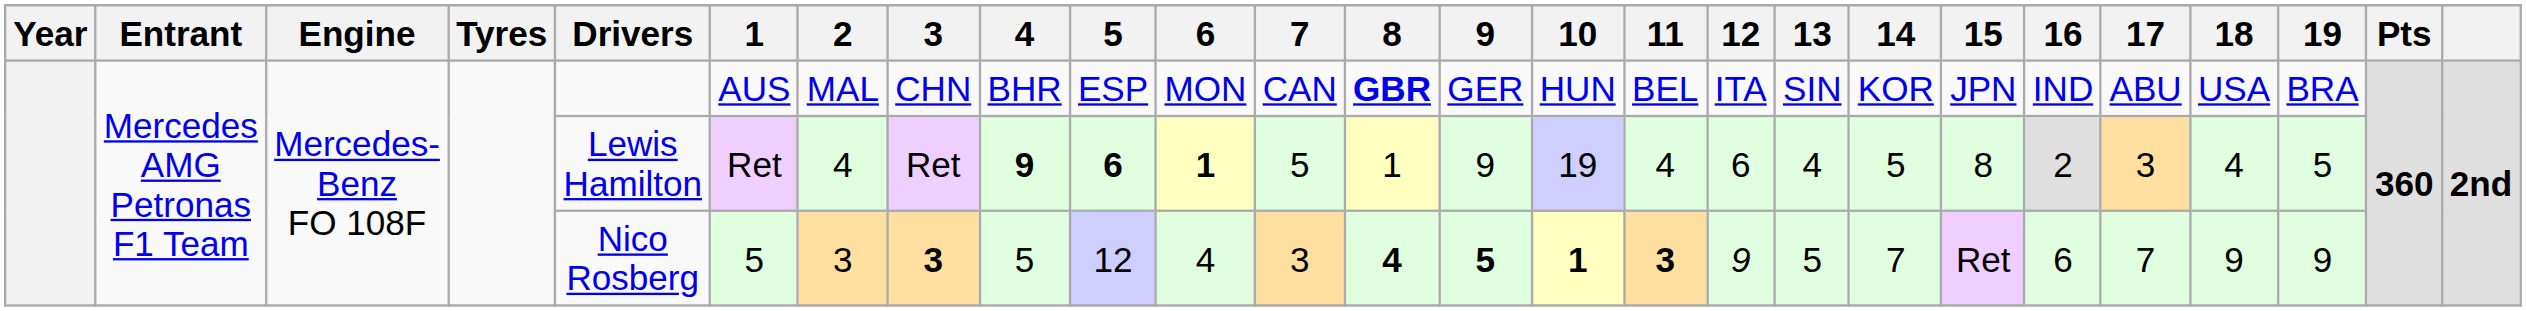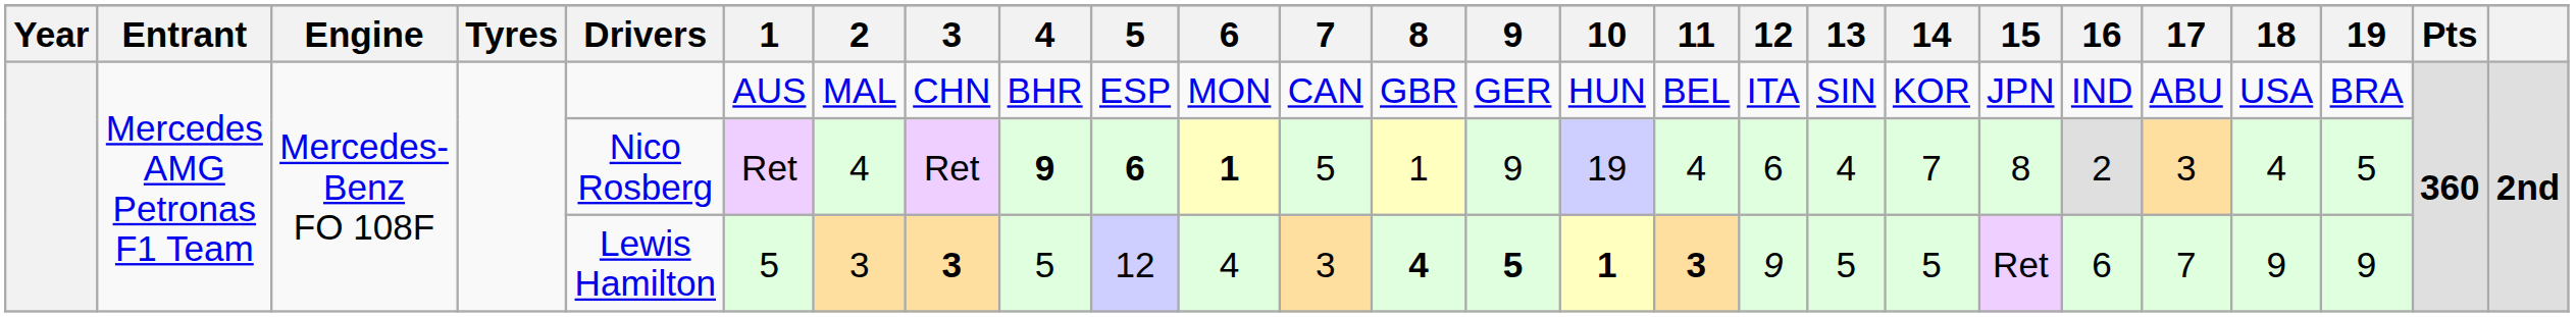 <table class="wikitable" style="text-align:center; font-size:95%">
 <tr>
 </tr>
 <tr>
 <th>Year</th>
 <th>Entrant</th>
 <th>Engine</th>
 <th>Tyres</th>
 <th>Drivers</th>
 <th>1</th>
 <th>2</th>
 <th>3</th>
 <th>4</th>
 <th>5</th>
 <th>6</th>
 <th>7</th>
 <th>8</th>
 <th>9</th>
 <th>10</th>
 <th>11</th>
 <th>12</th>
 <th>13</th>
 <th>14</th>
 <th>15</th>
 <th>16</th>
 <th>17</th>
 <th>18</th>
 <th>19</th>
 <th>Pts</th>
 <th></th>
 </tr>
 <tr>
 <th rowspan=3></th>
 <td rowspan=3><a href='#'>Mercedes AMG Petronas F1 Team</a></td>
 <td rowspan=3><a href='#'>Mercedes-Benz</a><br>FO 108F</td>
 <td rowspan=3></td>
 <td></td>
 <td><a href='#'>AUS</a></td>
 <td><a href='#'>MAL</a></td>
 <td><a href='#'>CHN</a></td>
 <td><a href='#'>BHR</a></td>
 <td><a href='#'>ESP</a></td>
 <td><a href='#'>MON</a></td>
 <td><a href='#'>CAN</a></td>
-<td><strong><a href='#'>GBR</a></strong></td>
+<td><a href='#'>GBR</a></td>
 <td><a href='#'>GER</a></td>
 <td><a href='#'>HUN</a></td>
 <td><a href='#'>BEL</a></td>
 <td><a href='#'>ITA</a></td>
 <td><a href='#'>SIN</a></td>
 <td><a href='#'>KOR</a></td>
 <td><a href='#'>JPN</a></td>
 <td><a href='#'>IND</a></td>
 <td><a href='#'>ABU</a></td>
 <td><a href='#'>USA</a></td>
 <td><a href='#'>BRA</a></td>
 <td rowspan="3" style="background-color:#dfdfdf"><strong>360</strong></td>
 <td rowspan="3" style="background-color:#dfdfdf"><strong>2nd</strong></td>
 </tr>
 <tr>
-<td align="center"> <a href='#'>Lewis Hamilton</a></td>
+<td align="center"> <a href='#'>Nico Rosberg</a></td>
 <td style="background-color:#efcfff">Ret</td>
 <td style="background-color:#dfffdf">4</td>
 <td style="background-color:#efcfff">Ret</td>
 <td style="background-color:#dfffdf"><strong>9</strong></td>
 <td style="background-color:#dfffdf"><strong>6</strong></td>
 <td style="background-color:#ffffbf"><strong>1</strong></td>
 <td style="background-color:#dfffdf">5</td>
 <td style="background-color:#ffffbf">1</td>
 <td style="background-color:#dfffdf">9</td>
 <td style="background-color:#cfcfff">19</td>
 <td style="background-color:#dfffdf">4</td>
 <td style="background-color:#dfffdf">6</td>
 <td style="background-color:#dfffdf">4</td>
-<td style="background-color:#dfffdf">5</td>
+<td style="background-color:#dfffdf">7</td>
 <td style="background-color:#dfffdf">8</td>
 <td style="background-color:#dfdfdf">2</td>
 <td style="background-color:#ffdf9f">3</td>
 <td style="background-color:#dfffdf">4</td>
 <td style="background-color:#dfffdf">5</td>
 </tr>
 <tr>
-<td align="center"> <a href='#'>Nico Rosberg</a></td>
+<td align="center"> <a href='#'>Lewis Hamilton</a></td>
 <td style="background-color:#dfffdf">5</td>
 <td style="background-color:#ffdf9f">3</td>
 <td style="background-color:#ffdf9f"><strong>3</strong></td>
 <td style="background-color:#dfffdf">5</td>
 <td style="background-color:#cfcfff">12</td>
 <td style="background-color:#dfffdf">4</td>
 <td style="background-color:#ffdf9f">3</td>
 <td style="background-color:#dfffdf"><strong>4</strong></td>
 <td style="background-color:#dfffdf"><strong>5</strong></td>
 <td style="background-color:#ffffbf"><strong>1</strong></td>
 <td style="background-color:#ffdf9f"><strong>3</strong></td>
 <td style="background-color:#dfffdf"><em>9</em></td>
 <td style="background-color:#dfffdf">5</td>
-<td style="background-color:#dfffdf">7</td>
+<td style="background-color:#dfffdf">5</td>
 <td style="background-color:#efcfff">Ret</td>
 <td style="background-color:#dfffdf">6</td>
 <td style="background-color:#dfffdf">7</td>
 <td style="background-color:#dfffdf">9</td>
 <td style="background-color:#dfffdf">9</td>
 </tr>
 </table>
